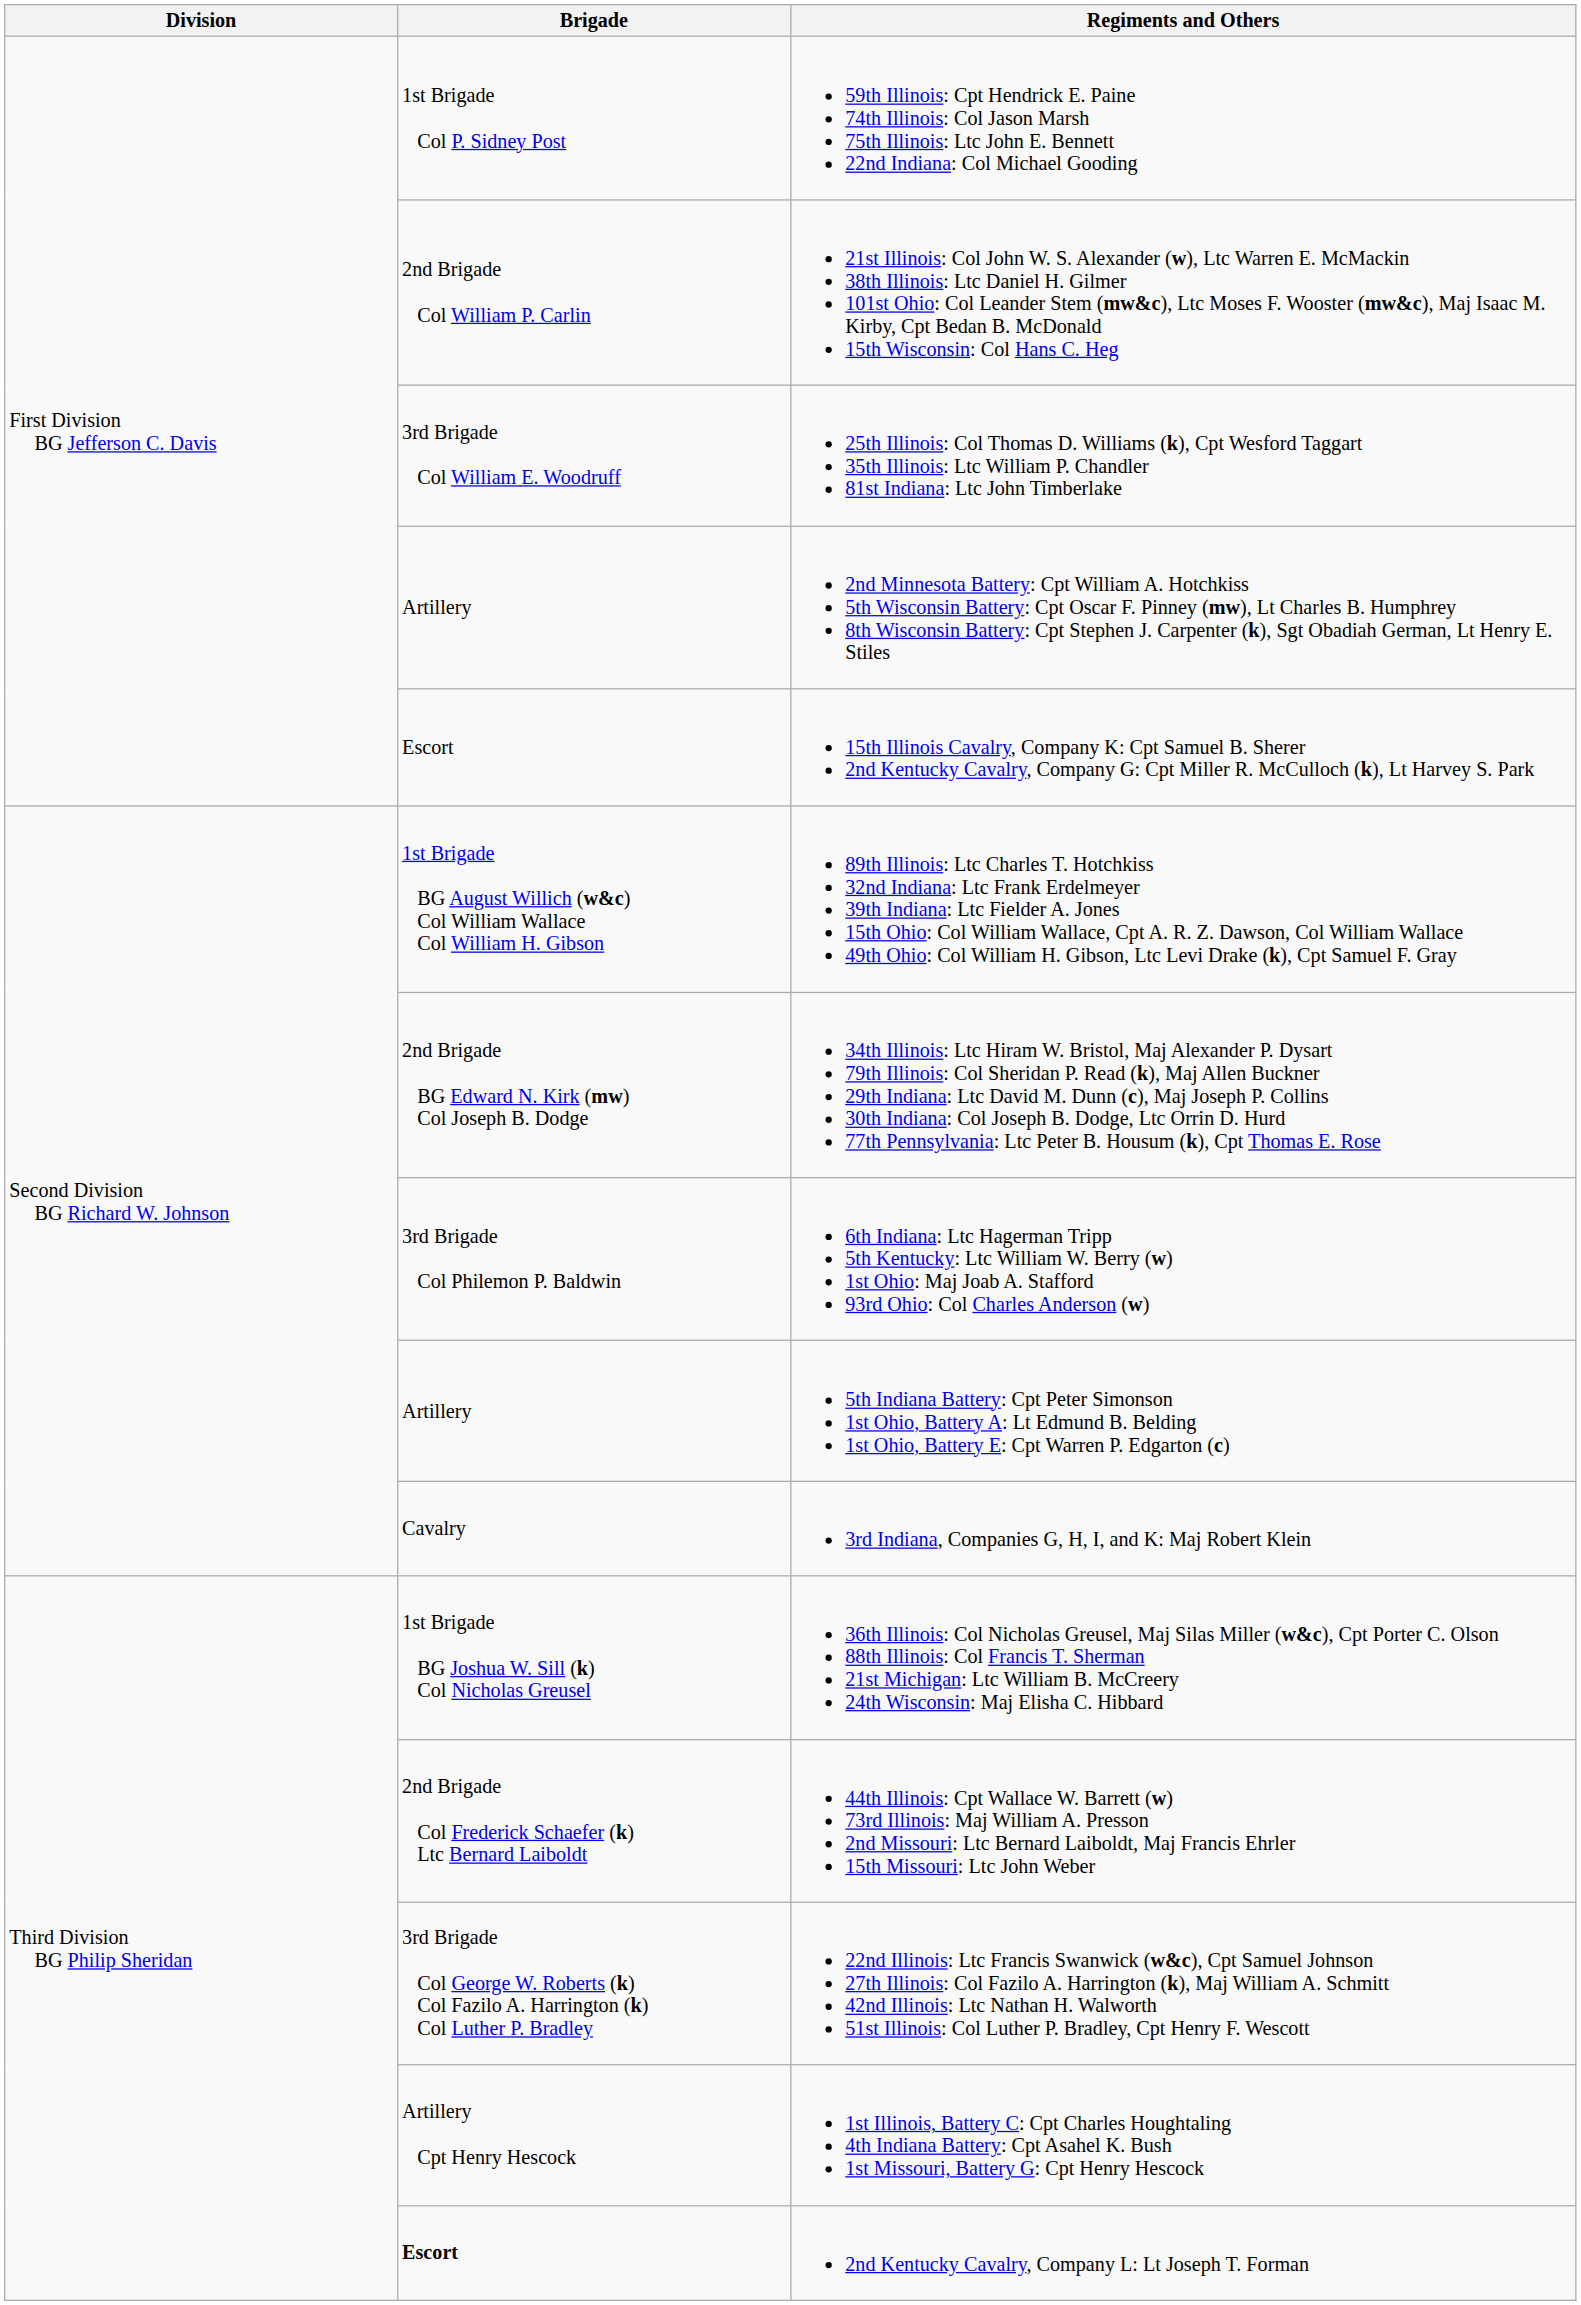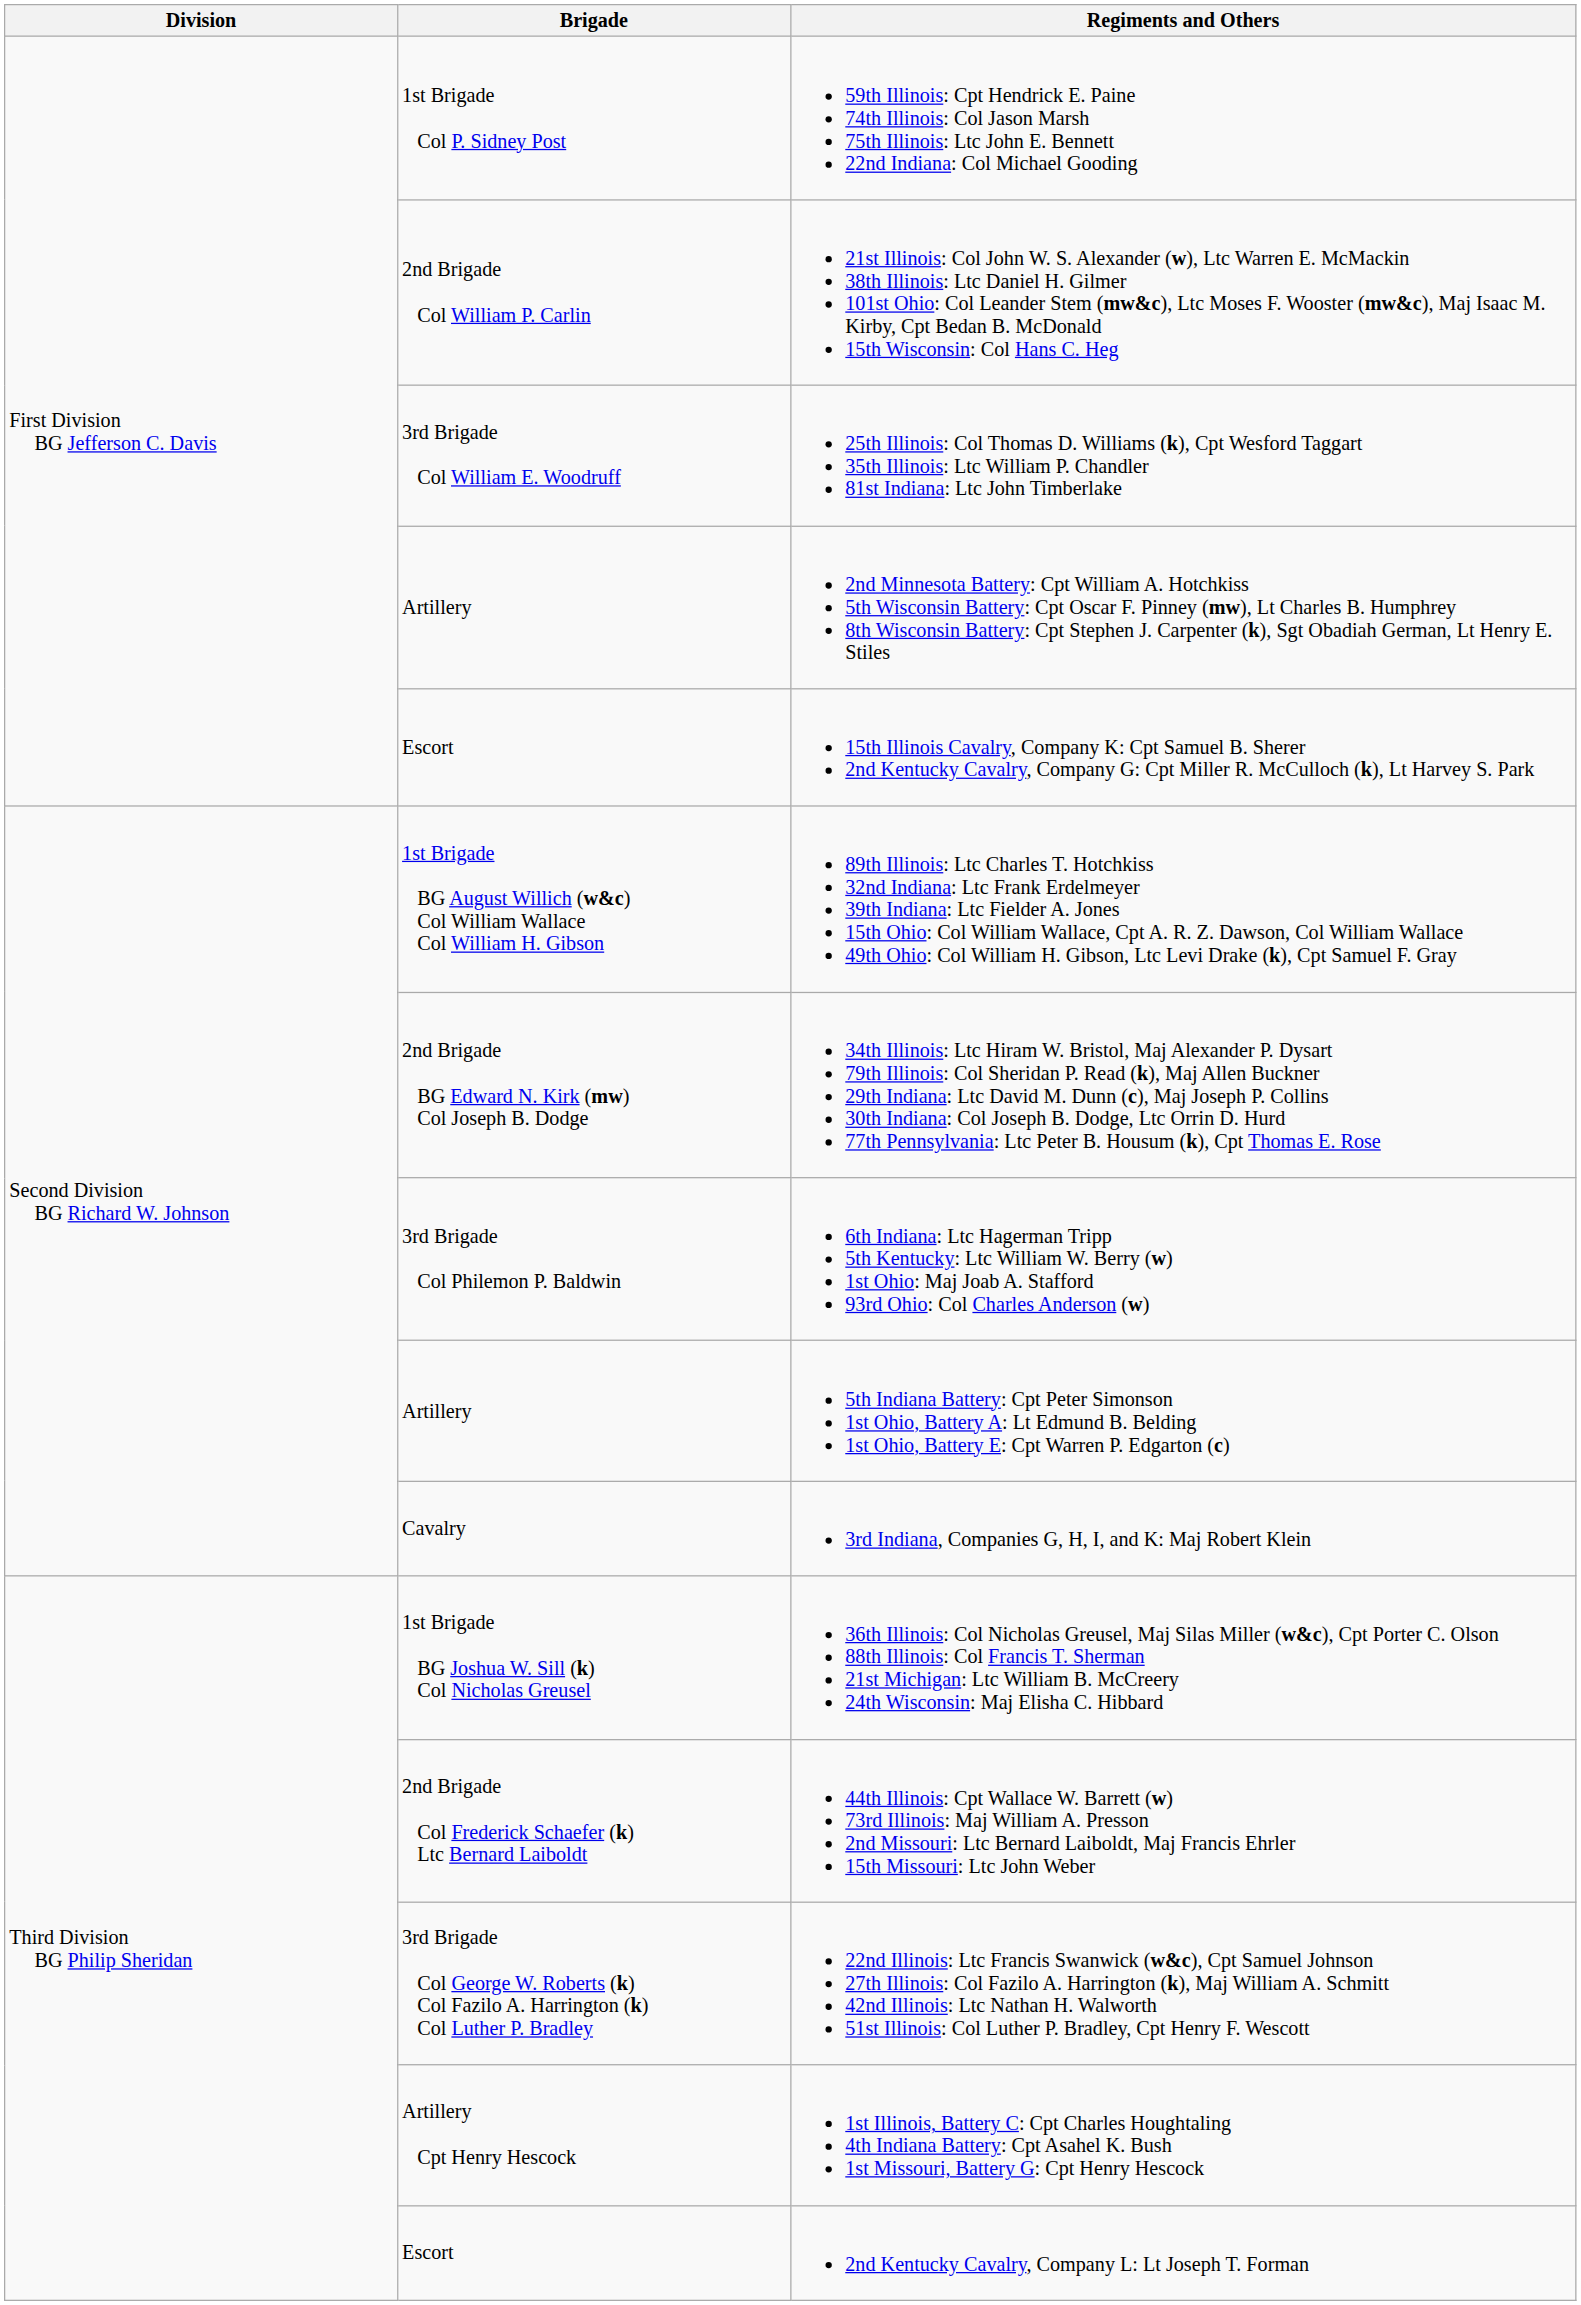 <table class="wikitable">
 <tr>
 <th width=25%>Division</th>
 <th width=25%>Brigade</th>
 <th>Regiments and Others</th>
 </tr>
 <tr>
 <td rowspan=5><br>First Division <br>     BG <a href='#'>Jefferson C. Davis</a></td>
 <td>1st Brigade<br><br>   Col <a href='#'>P. Sidney Post</a></td>
 <td><br><ul><li><a href='#'>59th Illinois</a>: Cpt Hendrick E. Paine</li><li><a href='#'>74th Illinois</a>: Col Jason Marsh</li><li><a href='#'>75th Illinois</a>: Ltc John E. Bennett</li><li><a href='#'>22nd Indiana</a>: Col Michael Gooding</li></ul></td>
 </tr>
 <tr>
 <td>2nd Brigade<br><br>   Col <a href='#'>William P. Carlin</a></td>
 <td><br><ul><li><a href='#'>21st Illinois</a>: Col John W. S. Alexander (<strong>w</strong>), Ltc Warren E. McMackin</li><li><a href='#'>38th Illinois</a>: Ltc Daniel H. Gilmer</li><li><a href='#'>101st Ohio</a>: Col Leander Stem (<strong>mw&c</strong>), Ltc Moses F. Wooster (<strong>mw&c</strong>), Maj Isaac M. Kirby, Cpt Bedan B. McDonald</li><li><a href='#'>15th Wisconsin</a>: Col <a href='#'>Hans C. Heg</a></li></ul></td>
 </tr>
 <tr>
 <td>3rd Brigade<br><br>   Col <a href='#'>William E. Woodruff</a></td>
 <td><br><ul><li><a href='#'>25th Illinois</a>: Col Thomas D. Williams (<strong>k</strong>), Cpt Wesford Taggart</li><li><a href='#'>35th Illinois</a>: Ltc William P. Chandler</li><li><a href='#'>81st Indiana</a>: Ltc John Timberlake</li></ul></td>
 </tr>
 <tr>
 <td>Artillery</td>
 <td><br><ul><li><a href='#'>2nd Minnesota Battery</a>: Cpt William A. Hotchkiss</li><li><a href='#'>5th Wisconsin Battery</a>: Cpt Oscar F. Pinney (<strong>mw</strong>), Lt Charles B. Humphrey</li><li><a href='#'>8th Wisconsin Battery</a>: Cpt Stephen J. Carpenter (<strong>k</strong>), Sgt Obadiah German, Lt Henry E. Stiles</li></ul></td>
 </tr>
 <tr>
 <td>Escort</td>
 <td><br><ul><li><a href='#'>15th Illinois Cavalry</a>, Company K: Cpt Samuel B. Sherer</li><li><a href='#'>2nd Kentucky Cavalry</a>, Company G: Cpt Miller R. McCulloch (<strong>k</strong>), Lt Harvey S. Park</li></ul></td>
 </tr>
 <tr>
 <td rowspan=5><br>Second Division <br>     BG <a href='#'>Richard W. Johnson</a></td>
 <td><a href='#'>1st Brigade</a><br><br>   BG <a href='#'>August Willich</a> (<strong>w&c</strong>) <br>   Col William Wallace <br>   Col <a href='#'>William H. Gibson</a></td>
 <td><br><ul><li><a href='#'>89th Illinois</a>: Ltc Charles T. Hotchkiss</li><li><a href='#'>32nd Indiana</a>: Ltc Frank Erdelmeyer</li><li><a href='#'>39th Indiana</a>: Ltc Fielder A. Jones</li><li><a href='#'>15th Ohio</a>: Col William Wallace, Cpt A. R. Z. Dawson, Col William Wallace</li><li><a href='#'>49th Ohio</a>: Col William H. Gibson, Ltc Levi Drake (<strong>k</strong>), Cpt Samuel F. Gray</li></ul></td>
 </tr>
 <tr>
 <td>2nd Brigade<br><br>   BG <a href='#'>Edward N. Kirk</a> (<strong>mw</strong>) <br>   Col Joseph B. Dodge</td>
 <td><br><ul><li><a href='#'>34th Illinois</a>: Ltc Hiram W. Bristol, Maj Alexander P. Dysart</li><li><a href='#'>79th Illinois</a>: Col Sheridan P. Read (<strong>k</strong>), Maj Allen Buckner</li><li><a href='#'>29th Indiana</a>: Ltc David M. Dunn (<strong>c</strong>), Maj Joseph P. Collins</li><li><a href='#'>30th Indiana</a>: Col Joseph B. Dodge, Ltc Orrin D. Hurd</li><li><a href='#'>77th Pennsylvania</a>: Ltc Peter B. Housum (<strong>k</strong>), Cpt <a href='#'>Thomas E. Rose</a></li></ul></td>
 </tr>
 <tr>
 <td>3rd Brigade<br><br>   Col Philemon P. Baldwin</td>
 <td><br><ul><li><a href='#'>6th Indiana</a>: Ltc Hagerman Tripp</li><li><a href='#'>5th Kentucky</a>: Ltc William W. Berry (<strong>w</strong>)</li><li><a href='#'>1st Ohio</a>: Maj Joab A. Stafford</li><li><a href='#'>93rd Ohio</a>: Col <a href='#'>Charles Anderson</a> (<strong>w</strong>)</li></ul></td>
 </tr>
 <tr>
 <td>Artillery</td>
 <td><br><ul><li><a href='#'>5th Indiana Battery</a>: Cpt Peter Simonson</li><li><a href='#'>1st Ohio, Battery A</a>: Lt Edmund B. Belding</li><li><a href='#'>1st Ohio, Battery E</a>: Cpt Warren P. Edgarton (<strong>c</strong>)</li></ul></td>
 </tr>
 <tr>
 <td>Cavalry</td>
 <td><br><ul><li><a href='#'>3rd Indiana</a>, Companies G, H, I, and K: Maj Robert Klein</li></ul></td>
 </tr>
 <tr>
 <td rowspan=5><br>Third Division <br>     BG <a href='#'>Philip Sheridan</a></td>
 <td>1st Brigade<br><br>   BG <a href='#'>Joshua W. Sill</a> (<strong>k</strong>) <br>   Col <a href='#'>Nicholas Greusel</a></td>
 <td><br><ul><li><a href='#'>36th Illinois</a>: Col Nicholas Greusel, Maj Silas Miller (<strong>w&c</strong>), Cpt Porter C. Olson</li><li><a href='#'>88th Illinois</a>: Col <a href='#'>Francis T. Sherman</a></li><li><a href='#'>21st Michigan</a>: Ltc William B. McCreery</li><li><a href='#'>24th Wisconsin</a>: Maj Elisha C. Hibbard</li></ul></td>
 </tr>
 <tr>
 <td>2nd Brigade<br><br>   Col <a href='#'>Frederick Schaefer</a> (<strong>k</strong>) <br>   Ltc <a href='#'>Bernard Laiboldt</a></td>
 <td><br><ul><li><a href='#'>44th Illinois</a>: Cpt Wallace W. Barrett (<strong>w</strong>)</li><li><a href='#'>73rd Illinois</a>: Maj William A. Presson</li><li><a href='#'>2nd Missouri</a>: Ltc Bernard Laiboldt, Maj Francis Ehrler</li><li><a href='#'>15th Missouri</a>: Ltc John Weber</li></ul></td>
 </tr>
 <tr>
 <td>3rd Brigade<br><br>   Col <a href='#'>George W. Roberts</a> (<strong>k</strong>) <br>   Col Fazilo A. Harrington (<strong>k</strong>) <br>   Col <a href='#'>Luther P. Bradley</a></td>
 <td><br><ul><li><a href='#'>22nd Illinois</a>: Ltc Francis Swanwick (<strong>w&c</strong>), Cpt Samuel Johnson</li><li><a href='#'>27th Illinois</a>: Col Fazilo A. Harrington (<strong>k</strong>), Maj William A. Schmitt</li><li><a href='#'>42nd Illinois</a>: Ltc Nathan H. Walworth</li><li><a href='#'>51st Illinois</a>: Col Luther P. Bradley, Cpt Henry F. Wescott</li></ul></td>
 </tr>
 <tr>
 <td>Artillery<br><br>   Cpt Henry Hescock</td>
 <td><br><ul><li><a href='#'>1st Illinois, Battery C</a>: Cpt Charles Houghtaling</li><li><a href='#'>4th Indiana Battery</a>: Cpt Asahel K. Bush</li><li><a href='#'>1st Missouri, Battery G</a>: Cpt Henry Hescock</li></ul></td>
 </tr>
 <tr>
-<td><strong>Escort</strong></td>
+<td>Escort</td>
 <td><br><ul><li><a href='#'>2nd Kentucky Cavalry</a>, Company L: Lt Joseph T. Forman</li></ul></td>
 </tr>
 </table>
